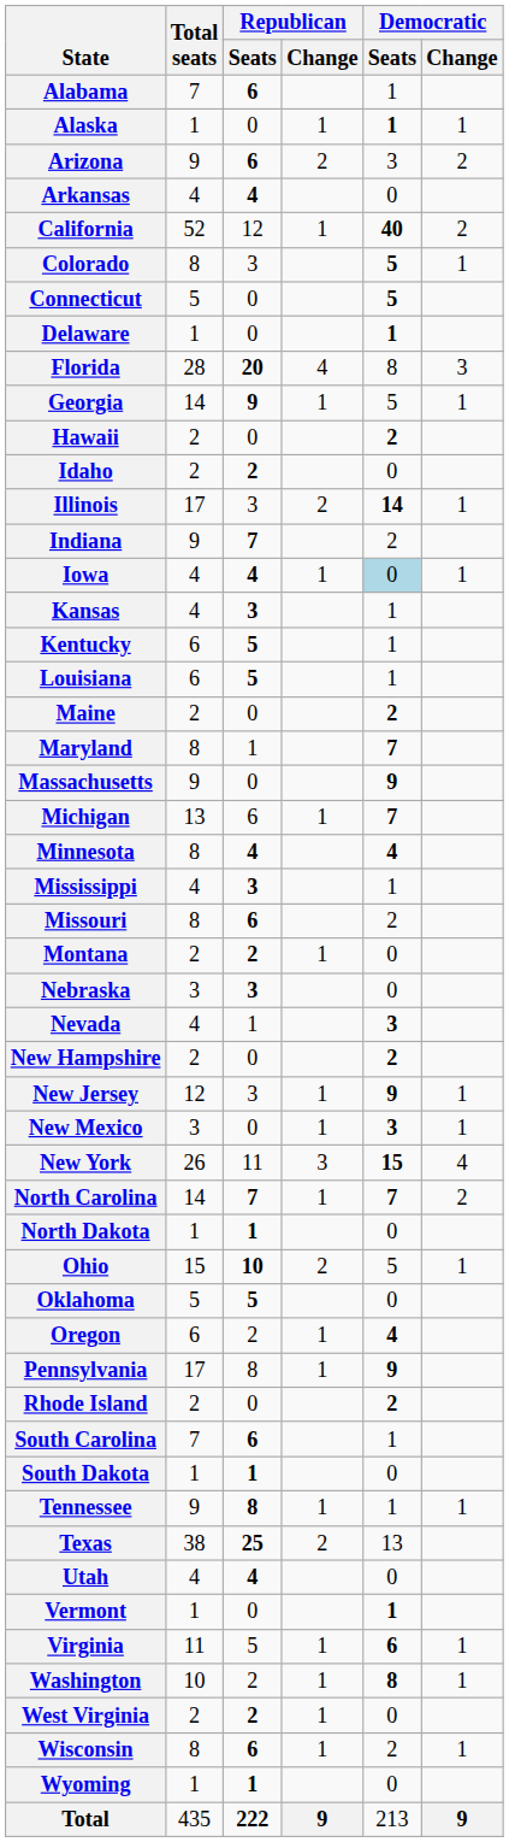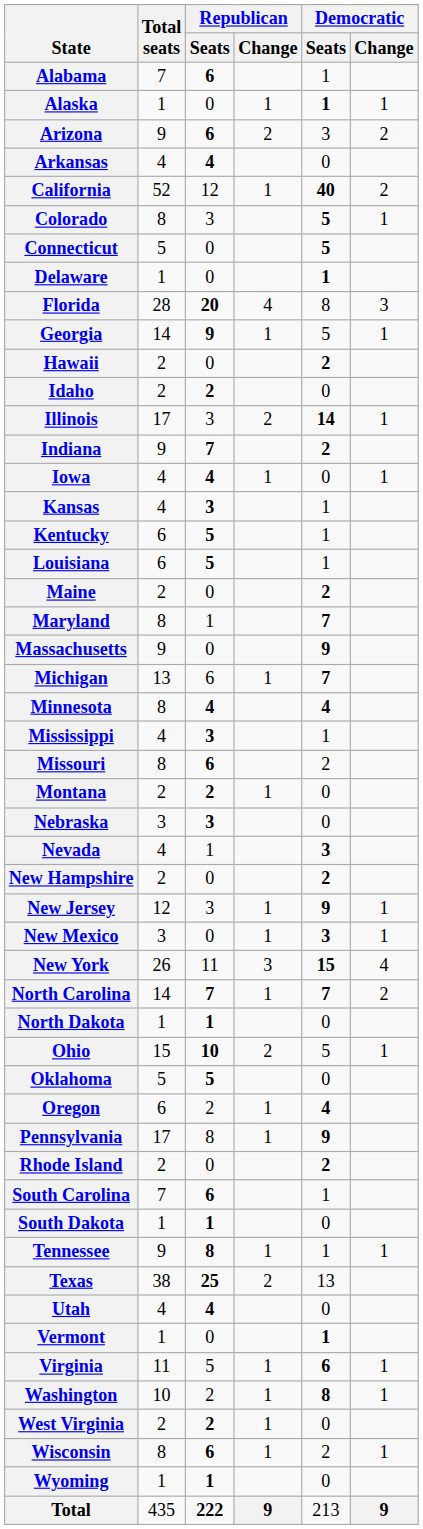 <table class="wikitable sortable" style="text-align:center">
 <tr valign=bottom>
 <th rowspan=2>State</th>
 <th rowspan=2>Total<br>seats</th>
 <th colspan=2 ><a href='#'>Republican</a></th>
 <th colspan=2 ><a href='#'>Democratic</a></th>
 </tr>
 <tr>
 <th>Seats</th>
 <th>Change</th>
 <th>Seats</th>
 <th>Change</th>
 </tr>
 <tr>
 <th><a href='#'>Alabama</a></th>
 <td>7</td>
 <td><strong>6</strong></td>
 <td></td>
 <td>1</td>
 <td></td>
 </tr>
 <tr>
 <th><a href='#'>Alaska</a></th>
 <td>1</td>
 <td>0</td>
 <td> 1</td>
 <td><strong>1</strong></td>
 <td> 1</td>
 </tr>
 <tr>
 <th><a href='#'>Arizona</a></th>
 <td>9</td>
 <td><strong>6</strong></td>
 <td> 2</td>
 <td>3</td>
 <td> 2</td>
 </tr>
 <tr>
 <th><a href='#'>Arkansas</a></th>
 <td>4</td>
 <td><strong>4</strong></td>
 <td></td>
 <td>0</td>
 <td></td>
 </tr>
 <tr>
 <th><a href='#'>California</a></th>
 <td>52</td>
 <td>12</td>
 <td> 1</td>
 <td><strong>40</strong></td>
 <td> 2</td>
 </tr>
 <tr>
 <th><a href='#'>Colorado</a></th>
 <td>8</td>
 <td>3</td>
 <td></td>
 <td><strong>5</strong></td>
 <td> 1</td>
 </tr>
 <tr>
 <th><a href='#'>Connecticut</a></th>
 <td>5</td>
 <td>0</td>
 <td></td>
 <td><strong>5</strong></td>
 <td></td>
 </tr>
 <tr>
 <th><a href='#'>Delaware</a></th>
 <td>1</td>
 <td>0</td>
 <td></td>
 <td><strong>1</strong></td>
 <td></td>
 </tr>
 <tr>
 <th><a href='#'>Florida</a></th>
 <td>28</td>
 <td><strong>20</strong></td>
 <td> 4</td>
 <td>8</td>
 <td> 3</td>
 </tr>
 <tr>
 <th><a href='#'>Georgia</a></th>
 <td>14</td>
 <td><strong>9</strong></td>
 <td> 1</td>
 <td>5</td>
 <td> 1</td>
 </tr>
 <tr>
 <th><a href='#'>Hawaii</a></th>
 <td>2</td>
 <td>0</td>
 <td></td>
 <td><strong>2</strong></td>
 <td></td>
 </tr>
 <tr>
 <th><a href='#'>Idaho</a></th>
 <td>2</td>
 <td><strong>2</strong></td>
 <td></td>
 <td>0</td>
 <td></td>
 </tr>
 <tr>
 <th><a href='#'>Illinois</a></th>
 <td>17</td>
 <td>3</td>
 <td> 2</td>
 <td><strong>14</strong></td>
 <td> 1</td>
 </tr>
 <tr>
 <th><a href='#'>Indiana</a></th>
 <td>9</td>
 <td><strong>7</strong></td>
 <td></td>
-<td>2</td>
+<td><strong>2</strong></td>
 <td></td>
 </tr>
 <tr>
 <th><a href='#'>Iowa</a></th>
 <td>4</td>
 <td><strong>4</strong></td>
 <td> 1</td>
-<td style="background: lightblue;">0</td>
+<td>0</td>
 <td> 1</td>
 </tr>
 <tr>
 <th><a href='#'>Kansas</a></th>
 <td>4</td>
 <td><strong>3</strong></td>
 <td></td>
 <td>1</td>
 <td></td>
 </tr>
 <tr>
 <th><a href='#'>Kentucky</a></th>
 <td>6</td>
 <td><strong>5</strong></td>
 <td></td>
 <td>1</td>
 <td></td>
 </tr>
 <tr>
 <th><a href='#'>Louisiana</a></th>
 <td>6</td>
 <td><strong>5</strong></td>
 <td></td>
 <td>1</td>
 <td></td>
 </tr>
 <tr>
 <th><a href='#'>Maine</a></th>
 <td>2</td>
 <td>0</td>
 <td></td>
 <td><strong>2</strong></td>
 <td></td>
 </tr>
 <tr>
 <th><a href='#'>Maryland</a></th>
 <td>8</td>
 <td>1</td>
 <td></td>
 <td><strong>7</strong></td>
 <td></td>
 </tr>
 <tr>
 <th><a href='#'>Massachusetts</a></th>
 <td>9</td>
 <td>0</td>
 <td></td>
 <td><strong>9</strong></td>
 <td></td>
 </tr>
 <tr>
 <th><a href='#'>Michigan</a></th>
 <td>13</td>
 <td>6</td>
 <td> 1</td>
 <td><strong>7</strong></td>
 <td></td>
 </tr>
 <tr>
 <th><a href='#'>Minnesota</a></th>
 <td>8</td>
 <td><strong>4</strong></td>
 <td></td>
 <td><strong>4</strong></td>
 <td></td>
 </tr>
 <tr>
 <th><a href='#'>Mississippi</a></th>
 <td>4</td>
 <td><strong>3</strong></td>
 <td></td>
 <td>1</td>
 <td></td>
 </tr>
 <tr>
 <th><a href='#'>Missouri</a></th>
 <td>8</td>
 <td><strong>6</strong></td>
 <td></td>
 <td>2</td>
 <td></td>
 </tr>
 <tr>
 <th><a href='#'>Montana</a></th>
 <td>2</td>
 <td><strong>2</strong></td>
 <td> 1</td>
 <td>0</td>
 <td></td>
 </tr>
 <tr>
 <th><a href='#'>Nebraska</a></th>
 <td>3</td>
 <td><strong>3</strong></td>
 <td></td>
 <td>0</td>
 <td></td>
 </tr>
 <tr>
 <th><a href='#'>Nevada</a></th>
 <td>4</td>
 <td>1</td>
 <td></td>
 <td><strong>3</strong></td>
 <td></td>
 </tr>
 <tr>
 <th><a href='#'>New Hampshire</a></th>
 <td>2</td>
 <td>0</td>
 <td></td>
 <td><strong>2</strong></td>
 <td></td>
 </tr>
 <tr>
 <th><a href='#'>New Jersey</a></th>
 <td>12</td>
 <td>3</td>
 <td> 1</td>
 <td><strong>9</strong></td>
 <td> 1</td>
 </tr>
 <tr>
 <th><a href='#'>New Mexico</a></th>
 <td>3</td>
 <td>0</td>
 <td> 1</td>
 <td><strong>3</strong></td>
 <td> 1</td>
 </tr>
 <tr>
 <th><a href='#'>New York</a></th>
 <td>26</td>
 <td>11</td>
 <td> 3</td>
 <td><strong>15</strong></td>
 <td> 4</td>
 </tr>
 <tr>
 <th><a href='#'>North Carolina</a></th>
 <td>14</td>
 <td><strong>7</strong></td>
 <td> 1</td>
 <td><strong>7</strong></td>
 <td> 2</td>
 </tr>
 <tr>
 <th><a href='#'>North Dakota</a></th>
 <td>1</td>
 <td><strong>1</strong></td>
 <td></td>
 <td>0</td>
 <td></td>
 </tr>
 <tr>
 <th><a href='#'>Ohio</a></th>
 <td>15</td>
 <td><strong>10</strong></td>
 <td> 2</td>
 <td>5</td>
 <td> 1</td>
 </tr>
 <tr>
 <th><a href='#'>Oklahoma</a></th>
 <td>5</td>
 <td><strong>5</strong></td>
 <td></td>
 <td>0</td>
 <td></td>
 </tr>
 <tr>
 <th><a href='#'>Oregon</a></th>
 <td>6</td>
 <td>2</td>
 <td> 1</td>
 <td><strong>4</strong></td>
 <td></td>
 </tr>
 <tr>
 <th><a href='#'>Pennsylvania</a></th>
 <td>17</td>
 <td>8</td>
 <td> 1</td>
 <td><strong>9</strong></td>
 <td></td>
 </tr>
 <tr>
 <th><a href='#'>Rhode Island</a></th>
 <td>2</td>
 <td>0</td>
 <td></td>
 <td><strong>2</strong></td>
 <td></td>
 </tr>
 <tr>
 <th><a href='#'>South Carolina</a></th>
 <td>7</td>
 <td><strong>6</strong></td>
 <td></td>
 <td>1</td>
 <td></td>
 </tr>
 <tr>
 <th><a href='#'>South Dakota</a></th>
 <td>1</td>
 <td><strong>1</strong></td>
 <td></td>
 <td>0</td>
 <td></td>
 </tr>
 <tr>
 <th><a href='#'>Tennessee</a></th>
 <td>9</td>
 <td><strong>8</strong></td>
 <td> 1</td>
 <td>1</td>
 <td> 1</td>
 </tr>
 <tr>
 <th><a href='#'>Texas</a></th>
 <td>38</td>
 <td><strong>25</strong></td>
 <td> 2</td>
 <td>13</td>
 <td></td>
 </tr>
 <tr>
 <th><a href='#'>Utah</a></th>
 <td>4</td>
 <td><strong>4</strong></td>
 <td></td>
 <td>0</td>
 <td></td>
 </tr>
 <tr>
 <th><a href='#'>Vermont</a></th>
 <td>1</td>
 <td>0</td>
 <td></td>
 <td><strong>1</strong></td>
 <td></td>
 </tr>
 <tr>
 <th><a href='#'>Virginia</a></th>
 <td>11</td>
 <td>5</td>
 <td> 1</td>
 <td><strong>6</strong></td>
 <td> 1</td>
 </tr>
 <tr>
 <th><a href='#'>Washington</a></th>
 <td>10</td>
 <td>2</td>
 <td> 1</td>
 <td><strong>8</strong></td>
 <td> 1</td>
 </tr>
 <tr>
 <th><a href='#'>West Virginia</a></th>
 <td>2</td>
 <td><strong>2</strong></td>
 <td> 1</td>
 <td>0</td>
 <td></td>
 </tr>
 <tr>
 <th><a href='#'>Wisconsin</a></th>
 <td>8</td>
 <td><strong>6</strong></td>
 <td> 1</td>
 <td>2</td>
 <td> 1</td>
 </tr>
 <tr>
 <th><a href='#'>Wyoming</a></th>
 <td>1</td>
 <td><strong>1</strong></td>
 <td></td>
 <td>0</td>
 <td></td>
 </tr>
 <tr>
 <th>Total</th>
 <td>435</td>
 <td><strong>222</strong></td>
 <th> 9</th>
 <td>213</td>
 <th> 9</th>
 </tr>
 </table>
